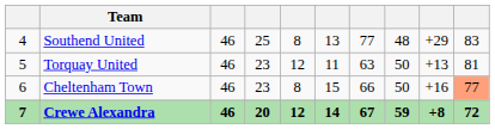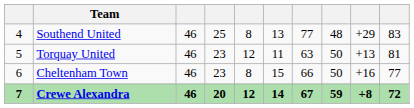 <table class="wikitable" style="text-align:center">
 <tr>
 <th width="30"></th>
 <th width="175">Team</th>
 <th width="30"></th>
 <th width="30"></th>
 <th width="30"></th>
 <th width="30"></th>
 <th width="30"></th>
 <th width="30"></th>
 <th width="30"></th>
 <th width="30"></th>
 </tr>
 <tr>
 <td>4</td>
 <td align=left><a href='#'>Southend United</a></td>
 <td>46</td>
 <td>25</td>
 <td>8</td>
 <td>13</td>
 <td>77</td>
 <td>48</td>
 <td>+29</td>
 <td>83</td>
 </tr>
 <tr>
 <td>5</td>
 <td align=left><a href='#'>Torquay United</a></td>
 <td>46</td>
 <td>23</td>
 <td>12</td>
 <td>11</td>
 <td>63</td>
 <td>50</td>
 <td>+13</td>
 <td>81</td>
 </tr>
 <tr>
 <td>6</td>
 <td align=left><a href='#'>Cheltenham Town</a></td>
 <td>46</td>
 <td>23</td>
 <td>8</td>
 <td>15</td>
 <td>66</td>
 <td>50</td>
 <td>+16</td>
-<td style="background: lightsalmon;">77</td>
+<td>77</td>
 </tr>
 <tr style="background:#addfad;">
 <td><strong>7</strong></td>
 <td align=left><strong><a href='#'>Crewe Alexandra</a></strong></td>
 <td><strong>46</strong></td>
 <td><strong>20</strong></td>
 <td><strong>12</strong></td>
 <td><strong>14</strong></td>
 <td><strong>67</strong></td>
 <td><strong>59</strong></td>
 <td><strong>+8</strong></td>
 <td><strong>72</strong></td>
 </tr>
 </table>
